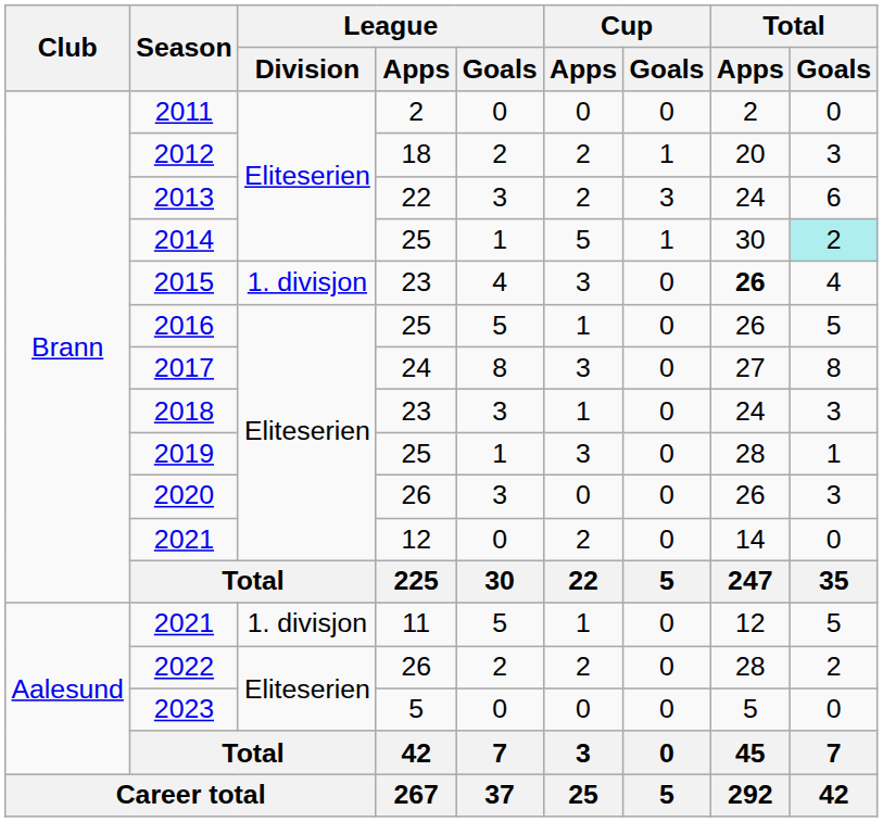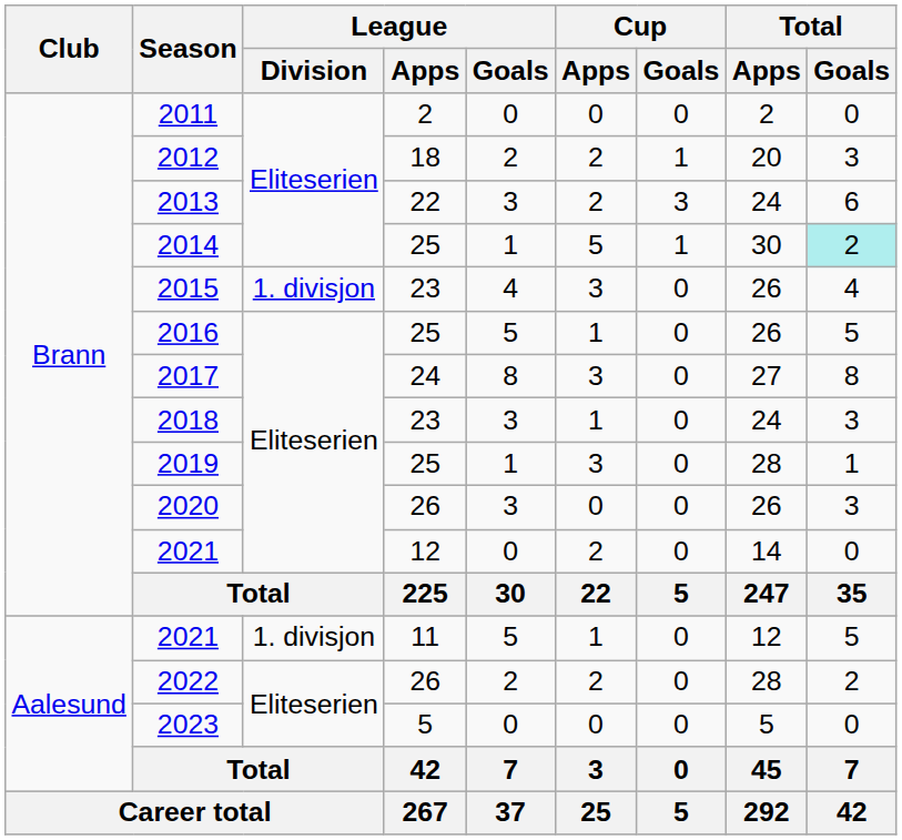 <table class="wikitable" style="text-align: center">
 <tr>
 <th rowspan="2">Club</th>
 <th rowspan="2">Season</th>
 <th colspan="3">League</th>
 <th colspan="2">Cup</th>
 <th colspan="2">Total</th>
 </tr>
 <tr>
 <th>Division</th>
 <th>Apps</th>
 <th>Goals</th>
 <th>Apps</th>
 <th>Goals</th>
 <th>Apps</th>
 <th>Goals</th>
 </tr>
 <tr>
 <td rowspan="12"><a href='#'>Brann</a></td>
 <td><a href='#'>2011</a></td>
 <td rowspan="4"><a href='#'>Eliteserien</a></td>
 <td>2</td>
 <td>0</td>
 <td>0</td>
 <td>0</td>
 <td>2</td>
 <td>0</td>
 </tr>
 <tr>
 <td><a href='#'>2012</a></td>
 <td>18</td>
 <td>2</td>
 <td>2</td>
 <td>1</td>
 <td>20</td>
 <td>3</td>
 </tr>
 <tr>
 <td><a href='#'>2013</a></td>
 <td>22</td>
 <td>3</td>
 <td>2</td>
 <td>3</td>
 <td>24</td>
 <td>6</td>
 </tr>
 <tr>
 <td><a href='#'>2014</a></td>
 <td>25</td>
 <td>1</td>
 <td>5</td>
 <td>1</td>
 <td>30</td>
 <td style="background: paleturquoise;">2</td>
 </tr>
 <tr>
 <td><a href='#'>2015</a></td>
 <td><a href='#'>1. divisjon</a></td>
 <td>23</td>
 <td>4</td>
 <td>3</td>
 <td>0</td>
-<td><strong>26</strong></td>
+<td>26</td>
 <td>4</td>
 </tr>
 <tr>
 <td><a href='#'>2016</a></td>
 <td rowspan="6">Eliteserien</td>
 <td>25</td>
 <td>5</td>
 <td>1</td>
 <td>0</td>
 <td>26</td>
 <td>5</td>
 </tr>
 <tr>
 <td><a href='#'>2017</a></td>
 <td>24</td>
 <td>8</td>
 <td>3</td>
 <td>0</td>
 <td>27</td>
 <td>8</td>
 </tr>
 <tr>
 <td><a href='#'>2018</a></td>
 <td>23</td>
 <td>3</td>
 <td>1</td>
 <td>0</td>
 <td>24</td>
 <td>3</td>
 </tr>
 <tr>
 <td><a href='#'>2019</a></td>
 <td>25</td>
 <td>1</td>
 <td>3</td>
 <td>0</td>
 <td>28</td>
 <td>1</td>
 </tr>
 <tr>
 <td><a href='#'>2020</a></td>
 <td>26</td>
 <td>3</td>
 <td>0</td>
 <td>0</td>
 <td>26</td>
 <td>3</td>
 </tr>
 <tr>
 <td><a href='#'>2021</a></td>
 <td>12</td>
 <td>0</td>
 <td>2</td>
 <td>0</td>
 <td>14</td>
 <td>0</td>
 </tr>
 <tr>
 <th colspan="2">Total</th>
 <th>225</th>
 <th>30</th>
 <th>22</th>
 <th>5</th>
 <th>247</th>
 <th>35</th>
 </tr>
 <tr>
 <td rowspan="4"><a href='#'>Aalesund</a></td>
 <td><a href='#'>2021</a></td>
 <td>1. divisjon</td>
 <td>11</td>
 <td>5</td>
 <td>1</td>
 <td>0</td>
 <td>12</td>
 <td>5</td>
 </tr>
 <tr>
 <td><a href='#'>2022</a></td>
 <td rowspan="2">Eliteserien</td>
 <td>26</td>
 <td>2</td>
 <td>2</td>
 <td>0</td>
 <td>28</td>
 <td>2</td>
 </tr>
 <tr>
 <td><a href='#'>2023</a></td>
 <td>5</td>
 <td>0</td>
 <td>0</td>
 <td>0</td>
 <td>5</td>
 <td>0</td>
 </tr>
 <tr>
 <th colspan="2">Total</th>
 <th>42</th>
 <th>7</th>
 <th>3</th>
 <th>0</th>
 <th>45</th>
 <th>7</th>
 </tr>
 <tr>
 <th colspan="3">Career total</th>
 <th>267</th>
 <th>37</th>
 <th>25</th>
 <th>5</th>
 <th>292</th>
 <th>42</th>
 </tr>
 </table>
